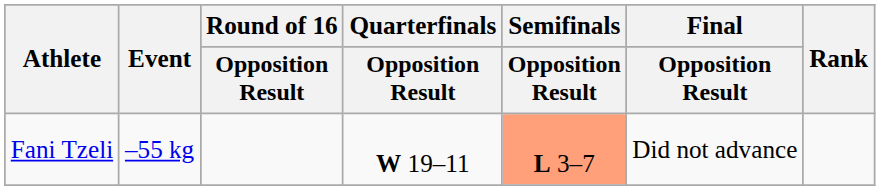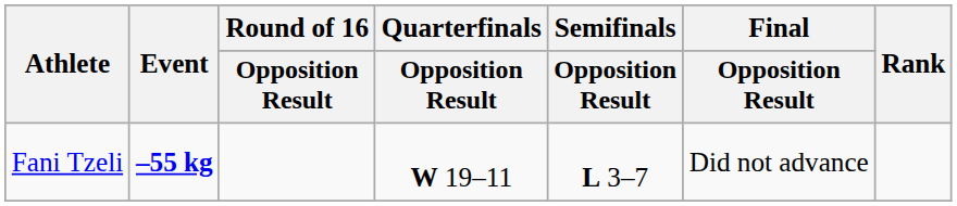 <table class="wikitable" style="font-size:90%;">
 <tr>
 <th rowspan=2>Athlete</th>
 <th rowspan=2>Event</th>
 <th>Round of 16</th>
 <th>Quarterfinals</th>
 <th>Semifinals</th>
 <th>Final</th>
 <th rowspan=2>Rank</th>
 </tr>
 <tr style="font-size:95%">
 <th>Opposition<br>Result</th>
 <th>Opposition<br>Result</th>
 <th>Opposition<br>Result</th>
 <th>Opposition<br>Result</th>
 </tr>
 <tr align=center>
 <td align=left><a href='#'>Fani Tzeli</a></td>
-<td align=left><a href='#'>–55 kg</a></td>
+<td align=left><strong><a href='#'>–55 kg</a></strong></td>
 <td></td>
 <td><br><strong>W</strong> 19–11</td>
-<td style="background: lightsalmon;"><br><strong>L</strong> 3–7</td>
+<td><br><strong>L</strong> 3–7</td>
 <td>Did not advance</td>
 <td></td>
 </tr>
 </table>
